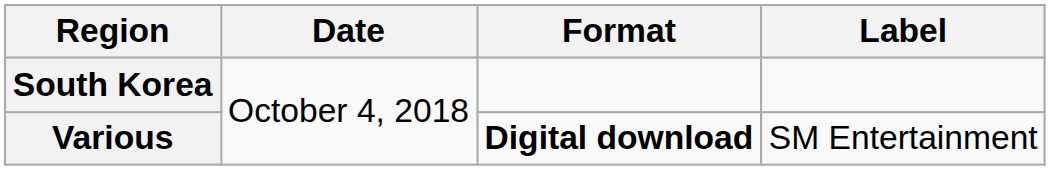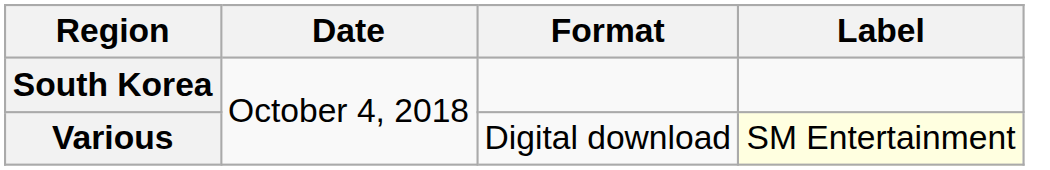 <table class="wikitable plainrowheaders">
 <tr>
 <th>Region</th>
 <th>Date</th>
 <th>Format</th>
 <th>Label</th>
 </tr>
 <tr>
 <th scope="row">South Korea</th>
 <td rowspan="2">October 4, 2018</td>
 <td></td>
 <td></td>
 </tr>
 <tr>
 <th scope="row">Various</th>
-<td><strong>Digital download</strong></td>
-<td>SM Entertainment</td>
+<td>Digital download</td>
+<td style="background: lightyellow;">SM Entertainment</td>
 </tr>
 </table>
